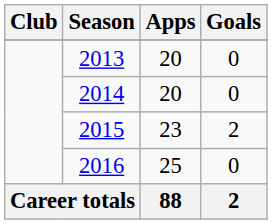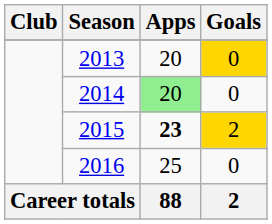 <table class="wikitable" style="text-align: center;">
 <tr>
 <th>Club</th>
 <th>Season</th>
 <th>Apps</th>
 <th>Goals</th>
 </tr>
 <tr>
 </tr>
 <tr>
 <td rowspan="4" !!><a href='#'></a></td>
 <td><a href='#'>2013</a></td>
 <td>20</td>
-<td>0</td>
+<td style="background: gold;">0</td>
 </tr>
 <tr>
 <td><a href='#'>2014</a></td>
-<td>20</td>
+<td style="background: lightgreen;">20</td>
 <td>0</td>
 </tr>
 <tr>
 <td><a href='#'>2015</a></td>
-<td>23</td>
-<td>2</td>
+<td><strong>23</strong></td>
+<td style="background: gold;">2</td>
 </tr>
 <tr>
 <td><a href='#'>2016</a></td>
 <td>25</td>
 <td>0</td>
 </tr>
 <tr>
 <th colspan="2">Career totals</th>
 <th>88</th>
 <th>2</th>
 </tr>
 </table>
